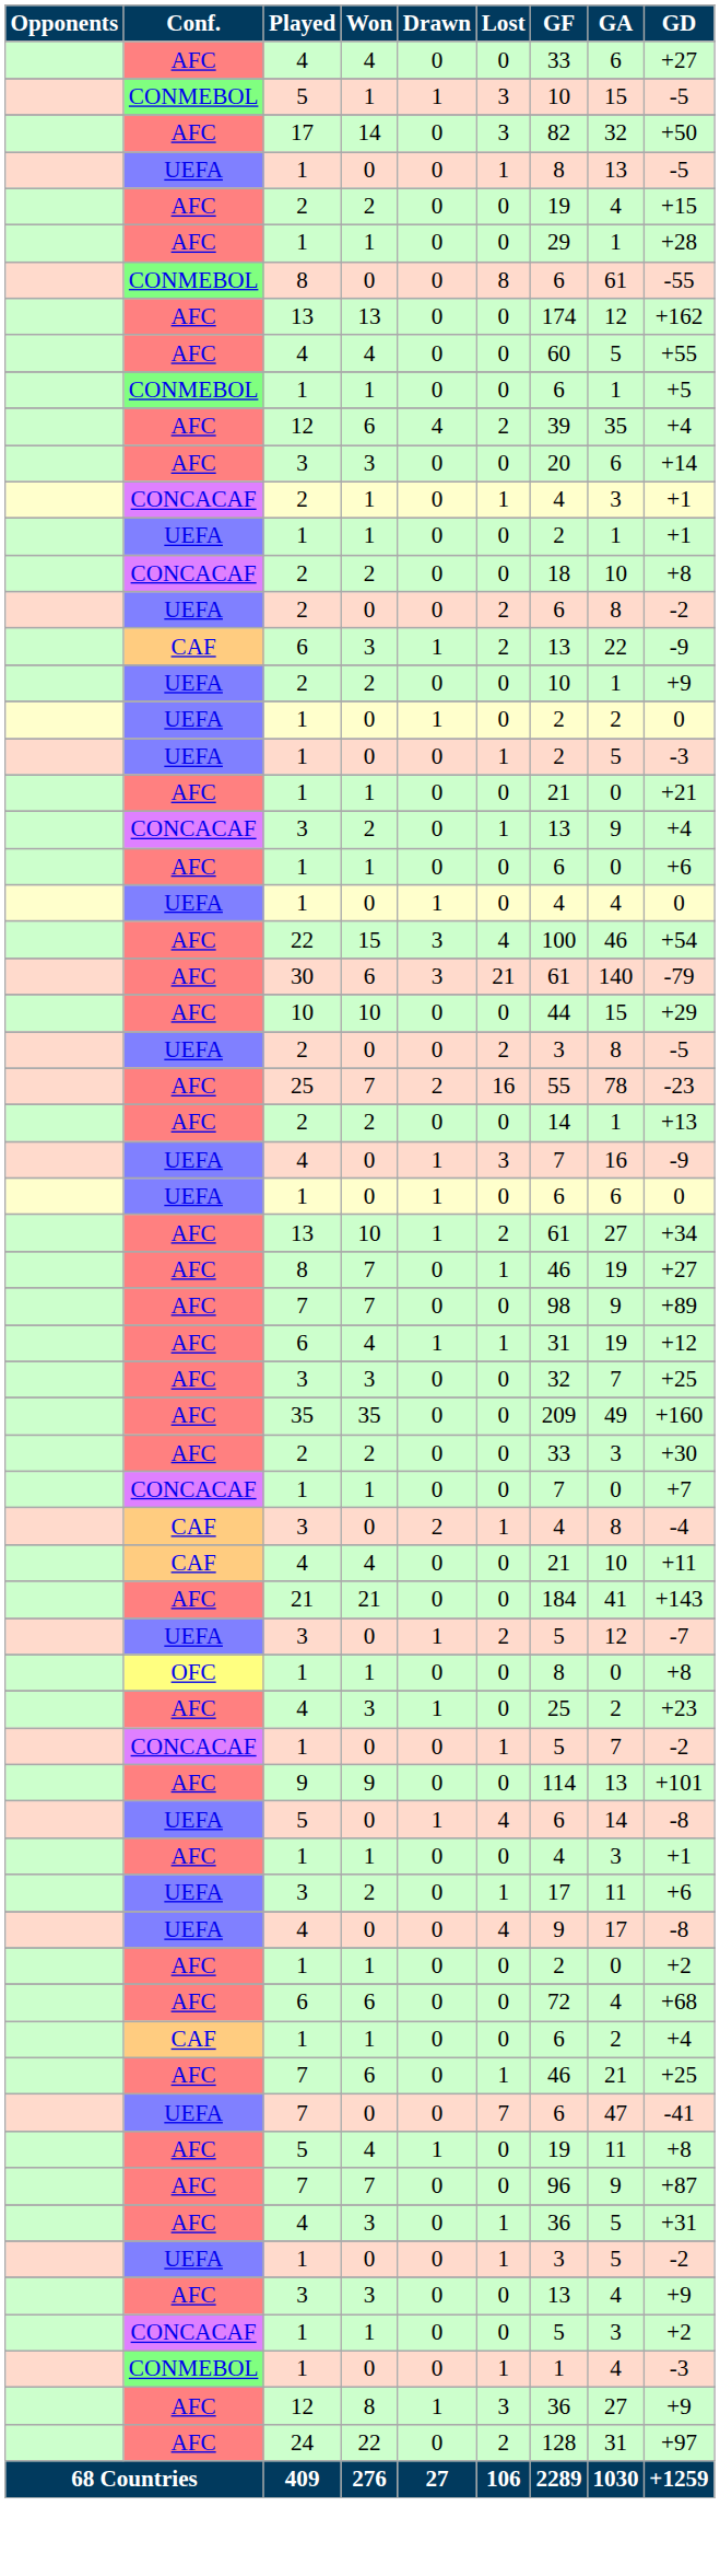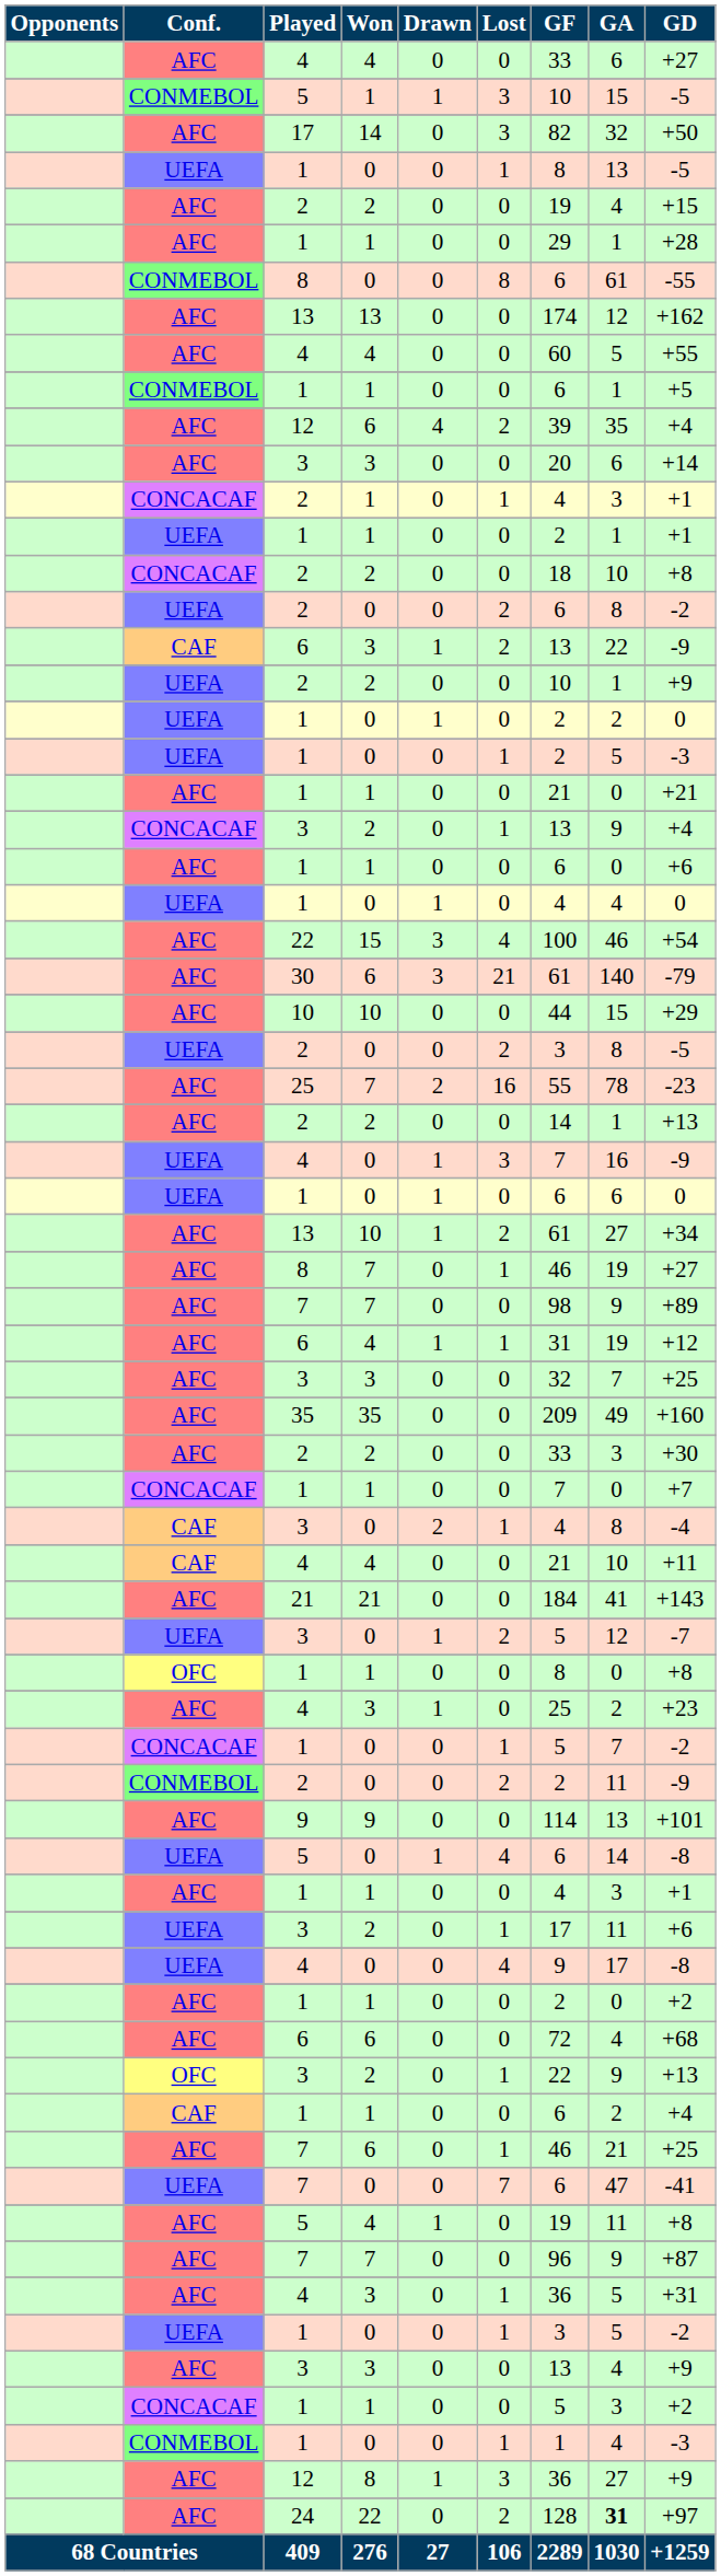 <table class="sortable wikitable" style="text-align:center">
 <tr>
 <th style="background: #013A5E; color: #FFFFFF;">Opponents</th>
 <th style="background: #013A5E; color: #FFFFFF;">Conf.</th>
 <th style="background: #013A5E; color: #FFFFFF;">Played</th>
 <th style="background: #013A5E; color: #FFFFFF;">Won</th>
 <th style="background: #013A5E; color: #FFFFFF;">Drawn</th>
 <th style="background: #013A5E; color: #FFFFFF;">Lost</th>
 <th style="background: #013A5E; color: #FFFFFF;">GF</th>
 <th style="background: #013A5E; color: #FFFFFF;">GA</th>
 <th style="background: #013A5E; color: #FFFFFF;">GD</th>
 </tr>
 <tr>
 </tr>
 <tr bgcolor="#CCFFCC">
 <td style="text-align:left;"></td>
 <td style="background:#FF8080;"><a href='#'>AFC</a></td>
 <td>4</td>
 <td>4</td>
 <td>0</td>
 <td>0</td>
 <td>33</td>
 <td>6</td>
 <td>+27</td>
 </tr>
 <tr>
 </tr>
 <tr bgcolor="#FFDACC">
 <td style="text-align:left;"></td>
 <td style="background:#80FF80;"><a href='#'>CONMEBOL</a></td>
 <td>5</td>
 <td>1</td>
 <td>1</td>
 <td>3</td>
 <td>10</td>
 <td>15</td>
 <td>-5</td>
 </tr>
 <tr>
 </tr>
 <tr bgcolor="#CCFFCC">
 <td style="text-align:left;"></td>
 <td style="background:#FF8080;"><a href='#'>AFC</a></td>
 <td>17</td>
 <td>14</td>
 <td>0</td>
 <td>3</td>
 <td>82</td>
 <td>32</td>
 <td>+50</td>
 </tr>
 <tr>
 </tr>
 <tr bgcolor="#FFDACC">
 <td style="text-align:left;"></td>
 <td style="background:#8080FF;"><a href='#'>UEFA</a></td>
 <td>1</td>
 <td>0</td>
 <td>0</td>
 <td>1</td>
 <td>8</td>
 <td>13</td>
 <td>-5</td>
 </tr>
 <tr>
 </tr>
 <tr bgcolor="#CCFFCC">
 <td style="text-align:left;"></td>
 <td style="background:#FF8080;"><a href='#'>AFC</a></td>
 <td>2</td>
 <td>2</td>
 <td>0</td>
 <td>0</td>
 <td>19</td>
 <td>4</td>
 <td>+15</td>
 </tr>
 <tr>
 </tr>
 <tr bgcolor="#CCFFCC">
 <td style="text-align:left;"></td>
 <td style="background:#FF8080;"><a href='#'>AFC</a></td>
 <td>1</td>
 <td>1</td>
 <td>0</td>
 <td>0</td>
 <td>29</td>
 <td>1</td>
 <td>+28</td>
 </tr>
 <tr>
 </tr>
 <tr bgcolor="#FFDACC">
 <td style="text-align:left;"></td>
 <td style="background:#80FF80;"><a href='#'>CONMEBOL</a></td>
 <td>8</td>
 <td>0</td>
 <td>0</td>
 <td>8</td>
 <td>6</td>
 <td>61</td>
 <td>-55</td>
 </tr>
 <tr>
 </tr>
 <tr bgcolor="#CCFFCC">
 <td style="text-align:left;"></td>
 <td style="background:#FF8080;"><a href='#'>AFC</a></td>
 <td>13</td>
 <td>13</td>
 <td>0</td>
 <td>0</td>
 <td>174</td>
 <td>12</td>
 <td>+162</td>
 </tr>
 <tr>
 </tr>
 <tr bgcolor="#CCFFCC">
 <td style="text-align:left;"></td>
 <td style="background:#FF8080;"><a href='#'>AFC</a></td>
 <td>4</td>
 <td>4</td>
 <td>0</td>
 <td>0</td>
 <td>60</td>
 <td>5</td>
 <td>+55</td>
 </tr>
 <tr>
 </tr>
 <tr bgcolor="#CCFFCC">
 <td style="text-align:left;"></td>
 <td style="background:#80FF80;"><a href='#'>CONMEBOL</a></td>
 <td>1</td>
 <td>1</td>
 <td>0</td>
 <td>0</td>
 <td>6</td>
 <td>1</td>
 <td>+5</td>
 </tr>
 <tr>
 </tr>
 <tr bgcolor="#CCFFCC">
 <td style="text-align:left;"></td>
 <td style="background:#FF8080;"><a href='#'>AFC</a></td>
 <td>12</td>
 <td>6</td>
 <td>4</td>
 <td>2</td>
 <td>39</td>
 <td>35</td>
 <td>+4</td>
 </tr>
 <tr>
 </tr>
 <tr bgcolor="#CCFFCC">
 <td style="text-align:left;"></td>
 <td style="background:#FF8080;"><a href='#'>AFC</a></td>
 <td>3</td>
 <td>3</td>
 <td>0</td>
 <td>0</td>
 <td>20</td>
 <td>6</td>
 <td>+14</td>
 </tr>
 <tr>
 </tr>
 <tr bgcolor="#FFFFCC">
 <td style="text-align:left;"></td>
 <td style="background:#DF80FF;"><a href='#'>CONCACAF</a></td>
 <td>2</td>
 <td>1</td>
 <td>0</td>
 <td>1</td>
 <td>4</td>
 <td>3</td>
 <td>+1</td>
 </tr>
 <tr>
 </tr>
 <tr bgcolor="#CCFFCC">
 <td style="text-align:left;"></td>
 <td style="background:#8080FF;"><a href='#'>UEFA</a></td>
 <td>1</td>
 <td>1</td>
 <td>0</td>
 <td>0</td>
 <td>2</td>
 <td>1</td>
 <td>+1</td>
 </tr>
 <tr>
 </tr>
 <tr bgcolor="#CCFFCC">
 <td style="text-align:left;"></td>
 <td style="background:#DF80FF;"><a href='#'>CONCACAF</a></td>
 <td>2</td>
 <td>2</td>
 <td>0</td>
 <td>0</td>
 <td>18</td>
 <td>10</td>
 <td>+8</td>
 </tr>
 <tr>
 </tr>
 <tr bgcolor="#FFDACC">
 <td style="text-align:left;"></td>
 <td style="background:#8080FF;"><a href='#'>UEFA</a></td>
 <td>2</td>
 <td>0</td>
 <td>0</td>
 <td>2</td>
 <td>6</td>
 <td>8</td>
 <td>-2</td>
 </tr>
 <tr>
 </tr>
 <tr bgcolor="#CCFFCC">
 <td style="text-align:left;"></td>
 <td style="background:#FFCC80;"><a href='#'>CAF</a></td>
 <td>6</td>
 <td>3</td>
 <td>1</td>
 <td>2</td>
 <td>13</td>
 <td>22</td>
 <td>-9</td>
 </tr>
 <tr>
 </tr>
 <tr bgcolor="#CCFFCC">
 <td style="text-align:left;"></td>
 <td style="background:#8080FF;"><a href='#'>UEFA</a></td>
 <td>2</td>
 <td>2</td>
 <td>0</td>
 <td>0</td>
 <td>10</td>
 <td>1</td>
 <td>+9</td>
 </tr>
 <tr>
 </tr>
 <tr bgcolor="#FFFFCC">
 <td style="text-align:left;"></td>
 <td style="background:#8080FF;"><a href='#'>UEFA</a></td>
 <td>1</td>
 <td>0</td>
 <td>1</td>
 <td>0</td>
 <td>2</td>
 <td>2</td>
 <td>0</td>
 </tr>
 <tr>
 </tr>
 <tr bgcolor="#FFDACC">
 <td style="text-align:left;"></td>
 <td style="background:#8080FF;"><a href='#'>UEFA</a></td>
 <td>1</td>
 <td>0</td>
 <td>0</td>
 <td>1</td>
 <td>2</td>
 <td>5</td>
 <td>-3</td>
 </tr>
 <tr>
 </tr>
 <tr bgcolor="#CCFFCC">
 <td style="text-align:left;"></td>
 <td style="background:#FF8080;"><a href='#'>AFC</a></td>
 <td>1</td>
 <td>1</td>
 <td>0</td>
 <td>0</td>
 <td>21</td>
 <td>0</td>
 <td>+21</td>
 </tr>
 <tr>
 </tr>
 <tr bgcolor="#CCFFCC">
 <td style="text-align:left;"></td>
 <td style="background:#DF80FF;"><a href='#'>CONCACAF</a></td>
 <td>3</td>
 <td>2</td>
 <td>0</td>
 <td>1</td>
 <td>13</td>
 <td>9</td>
 <td>+4</td>
 </tr>
 <tr>
 </tr>
 <tr bgcolor="#CCFFCC">
 <td style="text-align:left;"></td>
 <td style="background:#FF8080;"><a href='#'>AFC</a></td>
 <td>1</td>
 <td>1</td>
 <td>0</td>
 <td>0</td>
 <td>6</td>
 <td>0</td>
 <td>+6</td>
 </tr>
 <tr>
 </tr>
 <tr bgcolor="#FFFFCC">
 <td style="text-align:left;"></td>
 <td style="background:#8080FF;"><a href='#'>UEFA</a></td>
 <td>1</td>
 <td>0</td>
 <td>1</td>
 <td>0</td>
 <td>4</td>
 <td>4</td>
 <td>0</td>
 </tr>
 <tr>
 </tr>
 <tr bgcolor="#CCFFCC">
 <td style="text-align:left;"></td>
 <td style="background:#FF8080;"><a href='#'>AFC</a></td>
 <td>22</td>
 <td>15</td>
 <td>3</td>
 <td>4</td>
 <td>100</td>
 <td>46</td>
 <td>+54</td>
 </tr>
 <tr>
 </tr>
 <tr bgcolor="#FFDACC">
 <td style="text-align:left;"></td>
 <td style="background:#FF8080;"><a href='#'>AFC</a></td>
 <td>30</td>
 <td>6</td>
 <td>3</td>
 <td>21</td>
 <td>61</td>
 <td>140</td>
 <td>-79</td>
 </tr>
 <tr>
 </tr>
 <tr bgcolor="#CCFFCC">
 <td style="text-align:left;"></td>
 <td style="background:#FF8080;"><a href='#'>AFC</a></td>
 <td>10</td>
 <td>10</td>
 <td>0</td>
 <td>0</td>
 <td>44</td>
 <td>15</td>
 <td>+29</td>
 </tr>
 <tr>
 </tr>
 <tr bgcolor="#FFDACC">
 <td style="text-align:left;"></td>
 <td style="background:#8080FF;"><a href='#'>UEFA</a></td>
 <td>2</td>
 <td>0</td>
 <td>0</td>
 <td>2</td>
 <td>3</td>
 <td>8</td>
 <td>-5</td>
 </tr>
 <tr>
 </tr>
 <tr bgcolor="#FFDACC">
 <td style="text-align:left;"></td>
 <td style="background:#FF8080;"><a href='#'>AFC</a></td>
 <td>25</td>
 <td>7</td>
 <td>2</td>
 <td>16</td>
 <td>55</td>
 <td>78</td>
 <td>-23</td>
 </tr>
 <tr>
 </tr>
 <tr bgcolor="#CCFFCC">
 <td style="text-align:left;"></td>
 <td style="background:#FF8080;"><a href='#'>AFC</a></td>
 <td>2</td>
 <td>2</td>
 <td>0</td>
 <td>0</td>
 <td>14</td>
 <td>1</td>
 <td>+13</td>
 </tr>
 <tr>
 </tr>
 <tr bgcolor="#FFDACC">
 <td style="text-align:left;"></td>
 <td style="background:#8080FF;"><a href='#'>UEFA</a></td>
 <td>4</td>
 <td>0</td>
 <td>1</td>
 <td>3</td>
 <td>7</td>
 <td>16</td>
 <td>-9</td>
 </tr>
 <tr>
 </tr>
 <tr bgcolor="#FFFFCC">
 <td style="text-align:left;"></td>
 <td style="background:#8080FF;"><a href='#'>UEFA</a></td>
 <td>1</td>
 <td>0</td>
 <td>1</td>
 <td>0</td>
 <td>6</td>
 <td>6</td>
 <td>0</td>
 </tr>
 <tr>
 </tr>
 <tr bgcolor="#CCFFCC">
 <td style="text-align:left;"></td>
 <td style="background:#FF8080;"><a href='#'>AFC</a></td>
 <td>13</td>
 <td>10</td>
 <td>1</td>
 <td>2</td>
 <td>61</td>
 <td>27</td>
 <td>+34</td>
 </tr>
 <tr>
 </tr>
 <tr bgcolor="#CCFFCC">
 <td style="text-align:left;"></td>
 <td style="background:#FF8080;"><a href='#'>AFC</a></td>
 <td>8</td>
 <td>7</td>
 <td>0</td>
 <td>1</td>
 <td>46</td>
 <td>19</td>
 <td>+27</td>
 </tr>
 <tr>
 </tr>
 <tr bgcolor="#CCFFCC">
 <td style="text-align:left;"></td>
 <td style="background:#FF8080;"><a href='#'>AFC</a></td>
 <td>7</td>
 <td>7</td>
 <td>0</td>
 <td>0</td>
 <td>98</td>
 <td>9</td>
 <td>+89</td>
 </tr>
 <tr>
 </tr>
 <tr bgcolor="#CCFFCC">
 <td style="text-align:left;"></td>
 <td style="background:#FF8080;"><a href='#'>AFC</a></td>
 <td>6</td>
 <td>4</td>
 <td>1</td>
 <td>1</td>
 <td>31</td>
 <td>19</td>
 <td>+12</td>
 </tr>
 <tr>
 </tr>
 <tr bgcolor="#CCFFCC">
 <td style="text-align:left;"></td>
 <td style="background:#FF8080;"><a href='#'>AFC</a></td>
 <td>3</td>
 <td>3</td>
 <td>0</td>
 <td>0</td>
 <td>32</td>
 <td>7</td>
 <td>+25</td>
 </tr>
 <tr>
 </tr>
 <tr bgcolor="#CCFFCC">
 <td style="text-align:left;"></td>
 <td style="background:#FF8080;"><a href='#'>AFC</a></td>
 <td>35</td>
 <td>35</td>
 <td>0</td>
 <td>0</td>
 <td>209</td>
 <td>49</td>
 <td>+160</td>
 </tr>
 <tr>
 </tr>
 <tr bgcolor="#CCFFCC">
 <td style="text-align:left;"></td>
 <td style="background:#FF8080;"><a href='#'>AFC</a></td>
 <td>2</td>
 <td>2</td>
 <td>0</td>
 <td>0</td>
 <td>33</td>
 <td>3</td>
 <td>+30</td>
 </tr>
 <tr>
 </tr>
 <tr bgcolor="#CCFFCC">
 <td style="text-align:left;"></td>
 <td style="background:#DF80FF;"><a href='#'>CONCACAF</a></td>
 <td>1</td>
 <td>1</td>
 <td>0</td>
 <td>0</td>
 <td>7</td>
 <td>0</td>
 <td>+7</td>
 </tr>
 <tr>
 </tr>
 <tr bgcolor="#FFDACC">
 <td style="text-align:left;"></td>
 <td style="background:#FFCC80;"><a href='#'>CAF</a></td>
 <td>3</td>
 <td>0</td>
 <td>2</td>
 <td>1</td>
 <td>4</td>
 <td>8</td>
 <td>-4</td>
 </tr>
 <tr>
 </tr>
 <tr bgcolor="#CCFFCC">
 <td style="text-align:left;"></td>
 <td style="background:#FFCC80;"><a href='#'>CAF</a></td>
 <td>4</td>
 <td>4</td>
 <td>0</td>
 <td>0</td>
 <td>21</td>
 <td>10</td>
 <td>+11</td>
 </tr>
 <tr>
 </tr>
 <tr bgcolor="#CCFFCC">
 <td style="text-align:left;"></td>
 <td style="background:#FF8080;"><a href='#'>AFC</a></td>
 <td>21</td>
 <td>21</td>
 <td>0</td>
 <td>0</td>
 <td>184</td>
 <td>41</td>
 <td>+143</td>
 </tr>
 <tr>
 </tr>
 <tr bgcolor="#FFDACC">
 <td style="text-align:left;"></td>
 <td style="background:#8080FF;"><a href='#'>UEFA</a></td>
 <td>3</td>
 <td>0</td>
 <td>1</td>
 <td>2</td>
 <td>5</td>
 <td>12</td>
 <td>-7</td>
 </tr>
 <tr>
 </tr>
 <tr bgcolor="#CCFFCC">
 <td style="text-align:left;"></td>
 <td style="background:#FFFF80;"><a href='#'>OFC</a></td>
 <td>1</td>
 <td>1</td>
 <td>0</td>
 <td>0</td>
 <td>8</td>
 <td>0</td>
 <td>+8</td>
 </tr>
 <tr>
 </tr>
 <tr bgcolor="#CCFFCC">
 <td style="text-align:left;"></td>
 <td style="background:#FF8080;"><a href='#'>AFC</a></td>
 <td>4</td>
 <td>3</td>
 <td>1</td>
 <td>0</td>
 <td>25</td>
 <td>2</td>
 <td>+23</td>
 </tr>
 <tr>
 </tr>
 <tr bgcolor="#FFDACC">
 <td style="text-align:left;"></td>
 <td style="background:#DF80FF;"><a href='#'>CONCACAF</a></td>
 <td>1</td>
 <td>0</td>
 <td>0</td>
 <td>1</td>
 <td>5</td>
 <td>7</td>
 <td>-2</td>
 </tr>
 <tr>
 </tr>
+<tr bgcolor="#FFDACC">
+<td style="text-align:left;"></td>
+<td style="background:#80FF80;"><a href='#'>CONMEBOL</a></td>
+<td>2</td>
+<td>0</td>
+<td>0</td>
+<td>2</td>
+<td>2</td>
+<td>11</td>
+<td>-9</td>
+</tr>
 <tr>
 </tr>
 <tr bgcolor="#CCFFCC">
 <td style="text-align:left;"></td>
 <td style="background:#FF8080;"><a href='#'>AFC</a></td>
 <td>9</td>
 <td>9</td>
 <td>0</td>
 <td>0</td>
 <td>114</td>
 <td>13</td>
 <td>+101</td>
 </tr>
 <tr>
 </tr>
 <tr bgcolor="#FFDACC">
 <td style="text-align:left;"></td>
 <td style="background:#8080FF;"><a href='#'>UEFA</a></td>
 <td>5</td>
 <td>0</td>
 <td>1</td>
 <td>4</td>
 <td>6</td>
 <td>14</td>
 <td>-8</td>
 </tr>
 <tr>
 </tr>
 <tr bgcolor="#CCFFCC">
 <td style="text-align:left;"></td>
 <td style="background:#FF8080;"><a href='#'>AFC</a></td>
 <td>1</td>
 <td>1</td>
 <td>0</td>
 <td>0</td>
 <td>4</td>
 <td>3</td>
 <td>+1</td>
 </tr>
 <tr>
 </tr>
 <tr bgcolor="#CCFFCC">
 <td style="text-align:left;"></td>
 <td style="background:#8080FF;"><a href='#'>UEFA</a></td>
 <td>3</td>
 <td>2</td>
 <td>0</td>
 <td>1</td>
 <td>17</td>
 <td>11</td>
 <td>+6</td>
 </tr>
 <tr>
 </tr>
 <tr bgcolor="#FFDACC">
 <td style="text-align:left;"></td>
 <td style="background:#8080FF;"><a href='#'>UEFA</a></td>
 <td>4</td>
 <td>0</td>
 <td>0</td>
 <td>4</td>
 <td>9</td>
 <td>17</td>
 <td>-8</td>
 </tr>
 <tr>
 </tr>
 <tr bgcolor="#CCFFCC">
 <td style="text-align:left;"></td>
 <td style="background:#FF8080;"><a href='#'>AFC</a></td>
 <td>1</td>
 <td>1</td>
 <td>0</td>
 <td>0</td>
 <td>2</td>
 <td>0</td>
 <td>+2</td>
 </tr>
 <tr>
 </tr>
 <tr bgcolor="#CCFFCC">
 <td style="text-align:left;"></td>
 <td style="background:#FF8080;"><a href='#'>AFC</a></td>
 <td>6</td>
 <td>6</td>
 <td>0</td>
 <td>0</td>
 <td>72</td>
 <td>4</td>
 <td>+68</td>
 </tr>
 <tr>
+</tr>
+<tr bgcolor="#CCFFCC">
+<td style="text-align:left;"></td>
+<td style="background:#FFFF80;"><a href='#'>OFC</a></td>
+<td>3</td>
+<td>2</td>
+<td>0</td>
+<td>1</td>
+<td>22</td>
+<td>9</td>
+<td>+13</td>
 </tr>
 <tr>
 </tr>
 <tr bgcolor="#CCFFCC">
 <td style="text-align:left;"></td>
 <td style="background:#FFCC80;"><a href='#'>CAF</a></td>
 <td>1</td>
 <td>1</td>
 <td>0</td>
 <td>0</td>
 <td>6</td>
 <td>2</td>
 <td>+4</td>
 </tr>
 <tr>
 </tr>
 <tr bgcolor="#CCFFCC">
 <td style="text-align:left;"></td>
 <td style="background:#FF8080;"><a href='#'>AFC</a></td>
 <td>7</td>
 <td>6</td>
 <td>0</td>
 <td>1</td>
 <td>46</td>
 <td>21</td>
 <td>+25</td>
 </tr>
 <tr>
 </tr>
 <tr bgcolor="#FFDACC">
 <td style="text-align:left;"></td>
 <td style="background:#8080FF;"><a href='#'>UEFA</a></td>
 <td>7</td>
 <td>0</td>
 <td>0</td>
 <td>7</td>
 <td>6</td>
 <td>47</td>
 <td>-41</td>
 </tr>
 <tr>
 </tr>
 <tr bgcolor="#CCFFCC">
 <td style="text-align:left;"></td>
 <td style="background:#FF8080;"><a href='#'>AFC</a></td>
 <td>5</td>
 <td>4</td>
 <td>1</td>
 <td>0</td>
 <td>19</td>
 <td>11</td>
 <td>+8</td>
 </tr>
 <tr>
 </tr>
 <tr bgcolor="#CCFFCC">
 <td style="text-align:left;"></td>
 <td style="background:#FF8080;"><a href='#'>AFC</a></td>
 <td>7</td>
 <td>7</td>
 <td>0</td>
 <td>0</td>
 <td>96</td>
 <td>9</td>
 <td>+87</td>
 </tr>
 <tr>
 </tr>
 <tr bgcolor="#CCFFCC">
 <td style="text-align:left;"></td>
 <td style="background:#FF8080;"><a href='#'>AFC</a></td>
 <td>4</td>
 <td>3</td>
 <td>0</td>
 <td>1</td>
 <td>36</td>
 <td>5</td>
 <td>+31</td>
 </tr>
 <tr>
 </tr>
 <tr bgcolor="#FFDACC">
 <td style="text-align:left;"></td>
 <td style="background:#8080FF;"><a href='#'>UEFA</a></td>
 <td>1</td>
 <td>0</td>
 <td>0</td>
 <td>1</td>
 <td>3</td>
 <td>5</td>
 <td>-2</td>
 </tr>
 <tr>
 </tr>
 <tr bgcolor="#CCFFCC">
 <td style="text-align:left;"></td>
 <td style="background:#FF8080;"><a href='#'>AFC</a></td>
 <td>3</td>
 <td>3</td>
 <td>0</td>
 <td>0</td>
 <td>13</td>
 <td>4</td>
 <td>+9</td>
 </tr>
 <tr>
 </tr>
 <tr bgcolor="#CCFFCC">
 <td style="text-align:left;"></td>
 <td style="background:#DF80FF;"><a href='#'>CONCACAF</a></td>
 <td>1</td>
 <td>1</td>
 <td>0</td>
 <td>0</td>
 <td>5</td>
 <td>3</td>
 <td>+2</td>
 </tr>
 <tr>
 </tr>
 <tr bgcolor="#FFDACC">
 <td style="text-align:left;"></td>
 <td style="background:#80FF80;"><a href='#'>CONMEBOL</a></td>
 <td>1</td>
 <td>0</td>
 <td>0</td>
 <td>1</td>
 <td>1</td>
 <td>4</td>
 <td>-3</td>
 </tr>
 <tr>
 </tr>
 <tr bgcolor="#CCFFCC">
 <td style="text-align:left;"></td>
 <td style="background:#FF8080;"><a href='#'>AFC</a></td>
 <td>12</td>
 <td>8</td>
 <td>1</td>
 <td>3</td>
 <td>36</td>
 <td>27</td>
 <td>+9</td>
 </tr>
 <tr>
 </tr>
 <tr bgcolor="#CCFFCC">
 <td style="text-align:left;"></td>
 <td style="background:#FF8080;"><a href='#'>AFC</a></td>
 <td>24</td>
 <td>22</td>
 <td>0</td>
 <td>2</td>
 <td>128</td>
-<td>31</td>
+<td><strong>31</strong></td>
 <td>+97</td>
 </tr>
 <tr class="sortbottom">
 <th colspan=2 style="background: #013A5E; color: #FFFFFF;"><strong>68 Countries</strong></th>
 <th style="background: #013A5E; color: #FFFFFF;">409</th>
 <th style="background: #013A5E; color: #FFFFFF;">276</th>
 <th style="background: #013A5E; color: #FFFFFF;">27</th>
 <th style="background: #013A5E; color: #FFFFFF;">106</th>
 <th style="background: #013A5E; color: #FFFFFF;">2289</th>
 <th style="background: #013A5E; color: #FFFFFF;">1030</th>
 <th style="background: #013A5E; color: #FFFFFF;">+1259</th>
 </tr>
 </table>
